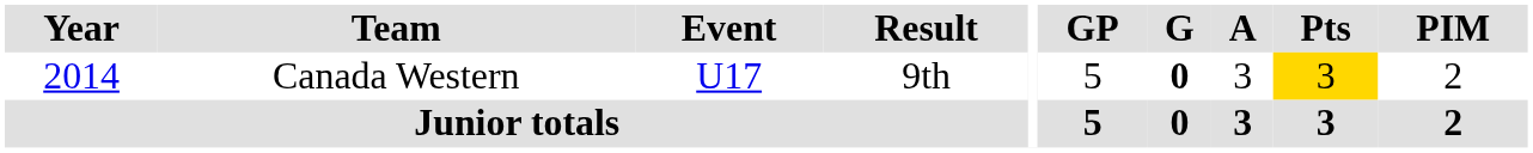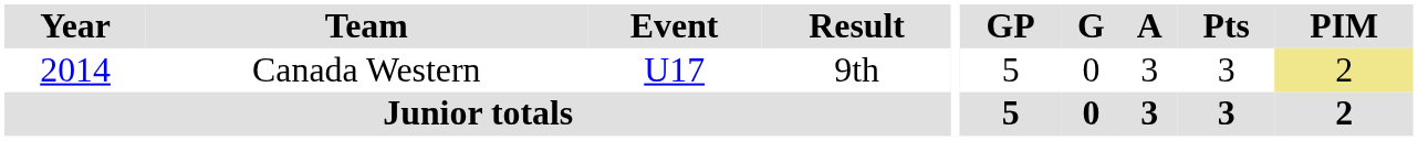 <table border="0" cellpadding="1" cellspacing="0" ID="Table3" style="text-align:center; width:40em">
 <tr bgcolor="#e0e0e0">
 <th>Year</th>
 <th>Team</th>
 <th>Event</th>
 <th>Result</th>
 <th rowspan="99" bgcolor="#ffffff"></th>
 <th>GP</th>
 <th>G</th>
 <th>A</th>
 <th>Pts</th>
 <th>PIM</th>
 </tr>
 <tr>
 <td><a href='#'>2014</a></td>
 <td>Canada Western</td>
 <td><a href='#'>U17</a></td>
 <td>9th</td>
 <td>5</td>
-<td><strong>0</strong></td>
+<td>0</td>
 <td>3</td>
-<td style="background: gold;">3</td>
-<td>2</td>
+<td>3</td>
+<td style="background: khaki;">2</td>
 </tr>
 <tr bgcolor="#e0e0e0">
 <th colspan="4">Junior totals</th>
 <th>5</th>
 <th>0</th>
 <th>3</th>
 <th>3</th>
 <th>2</th>
 </tr>
 </table>
